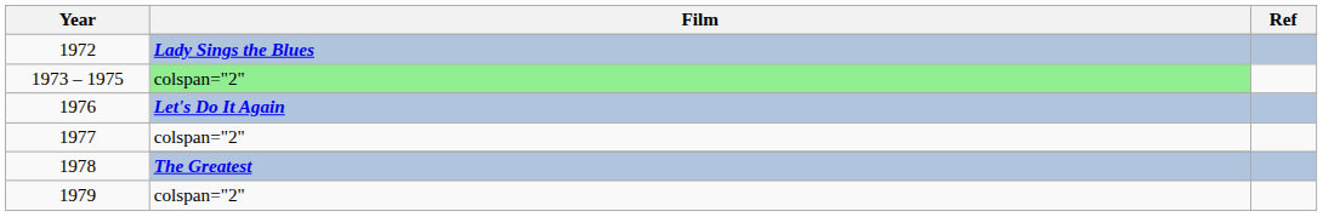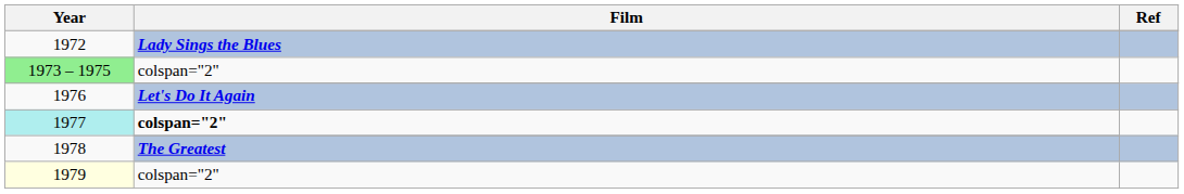 <table class="wikitable" style="width:90%;">
 <tr style="background:#bebebe;">
 <th style="width:11%;">Year</th>
 <th style="width:84%;">Film</th>
 <th style="width:5%;">Ref</th>
 </tr>
 <tr>
 <td rowspan="2" align="center">1972</td>
 </tr>
 <tr style="background:#B0C4DE">
 <td><strong><em><a href='#'>Lady Sings the Blues</a></em></strong></td>
 <td align="center"></td>
 </tr>
 <tr>
-<td align="center">1973 – 1975</td>
-<td style="background: lightgreen;">colspan="2" </td>
+<td align="center" style="background: lightgreen;">1973 – 1975</td>
+<td>colspan="2" </td>
 </tr>
 <tr>
 <td rowspan="2" align="center">1976</td>
 </tr>
 <tr style="background:#B0C4DE">
 <td><strong><em><a href='#'>Let's Do It Again</a></em></strong></td>
 <td align="center"></td>
 </tr>
 <tr>
-<td align="center">1977</td>
-<td>colspan="2" </td>
+<td align="center" style="background: paleturquoise;">1977</td>
+<td><strong>colspan="2" </strong></td>
 </tr>
 <tr>
 <td rowspan="2" align="center">1978</td>
 </tr>
 <tr style="background:#B0C4DE">
 <td><strong><em><a href='#'>The Greatest</a></em></strong></td>
 <td></td>
 </tr>
 <tr>
-<td align="center">1979</td>
+<td align="center" style="background: lightyellow;">1979</td>
 <td>colspan="2" </td>
 </tr>
 </table>
